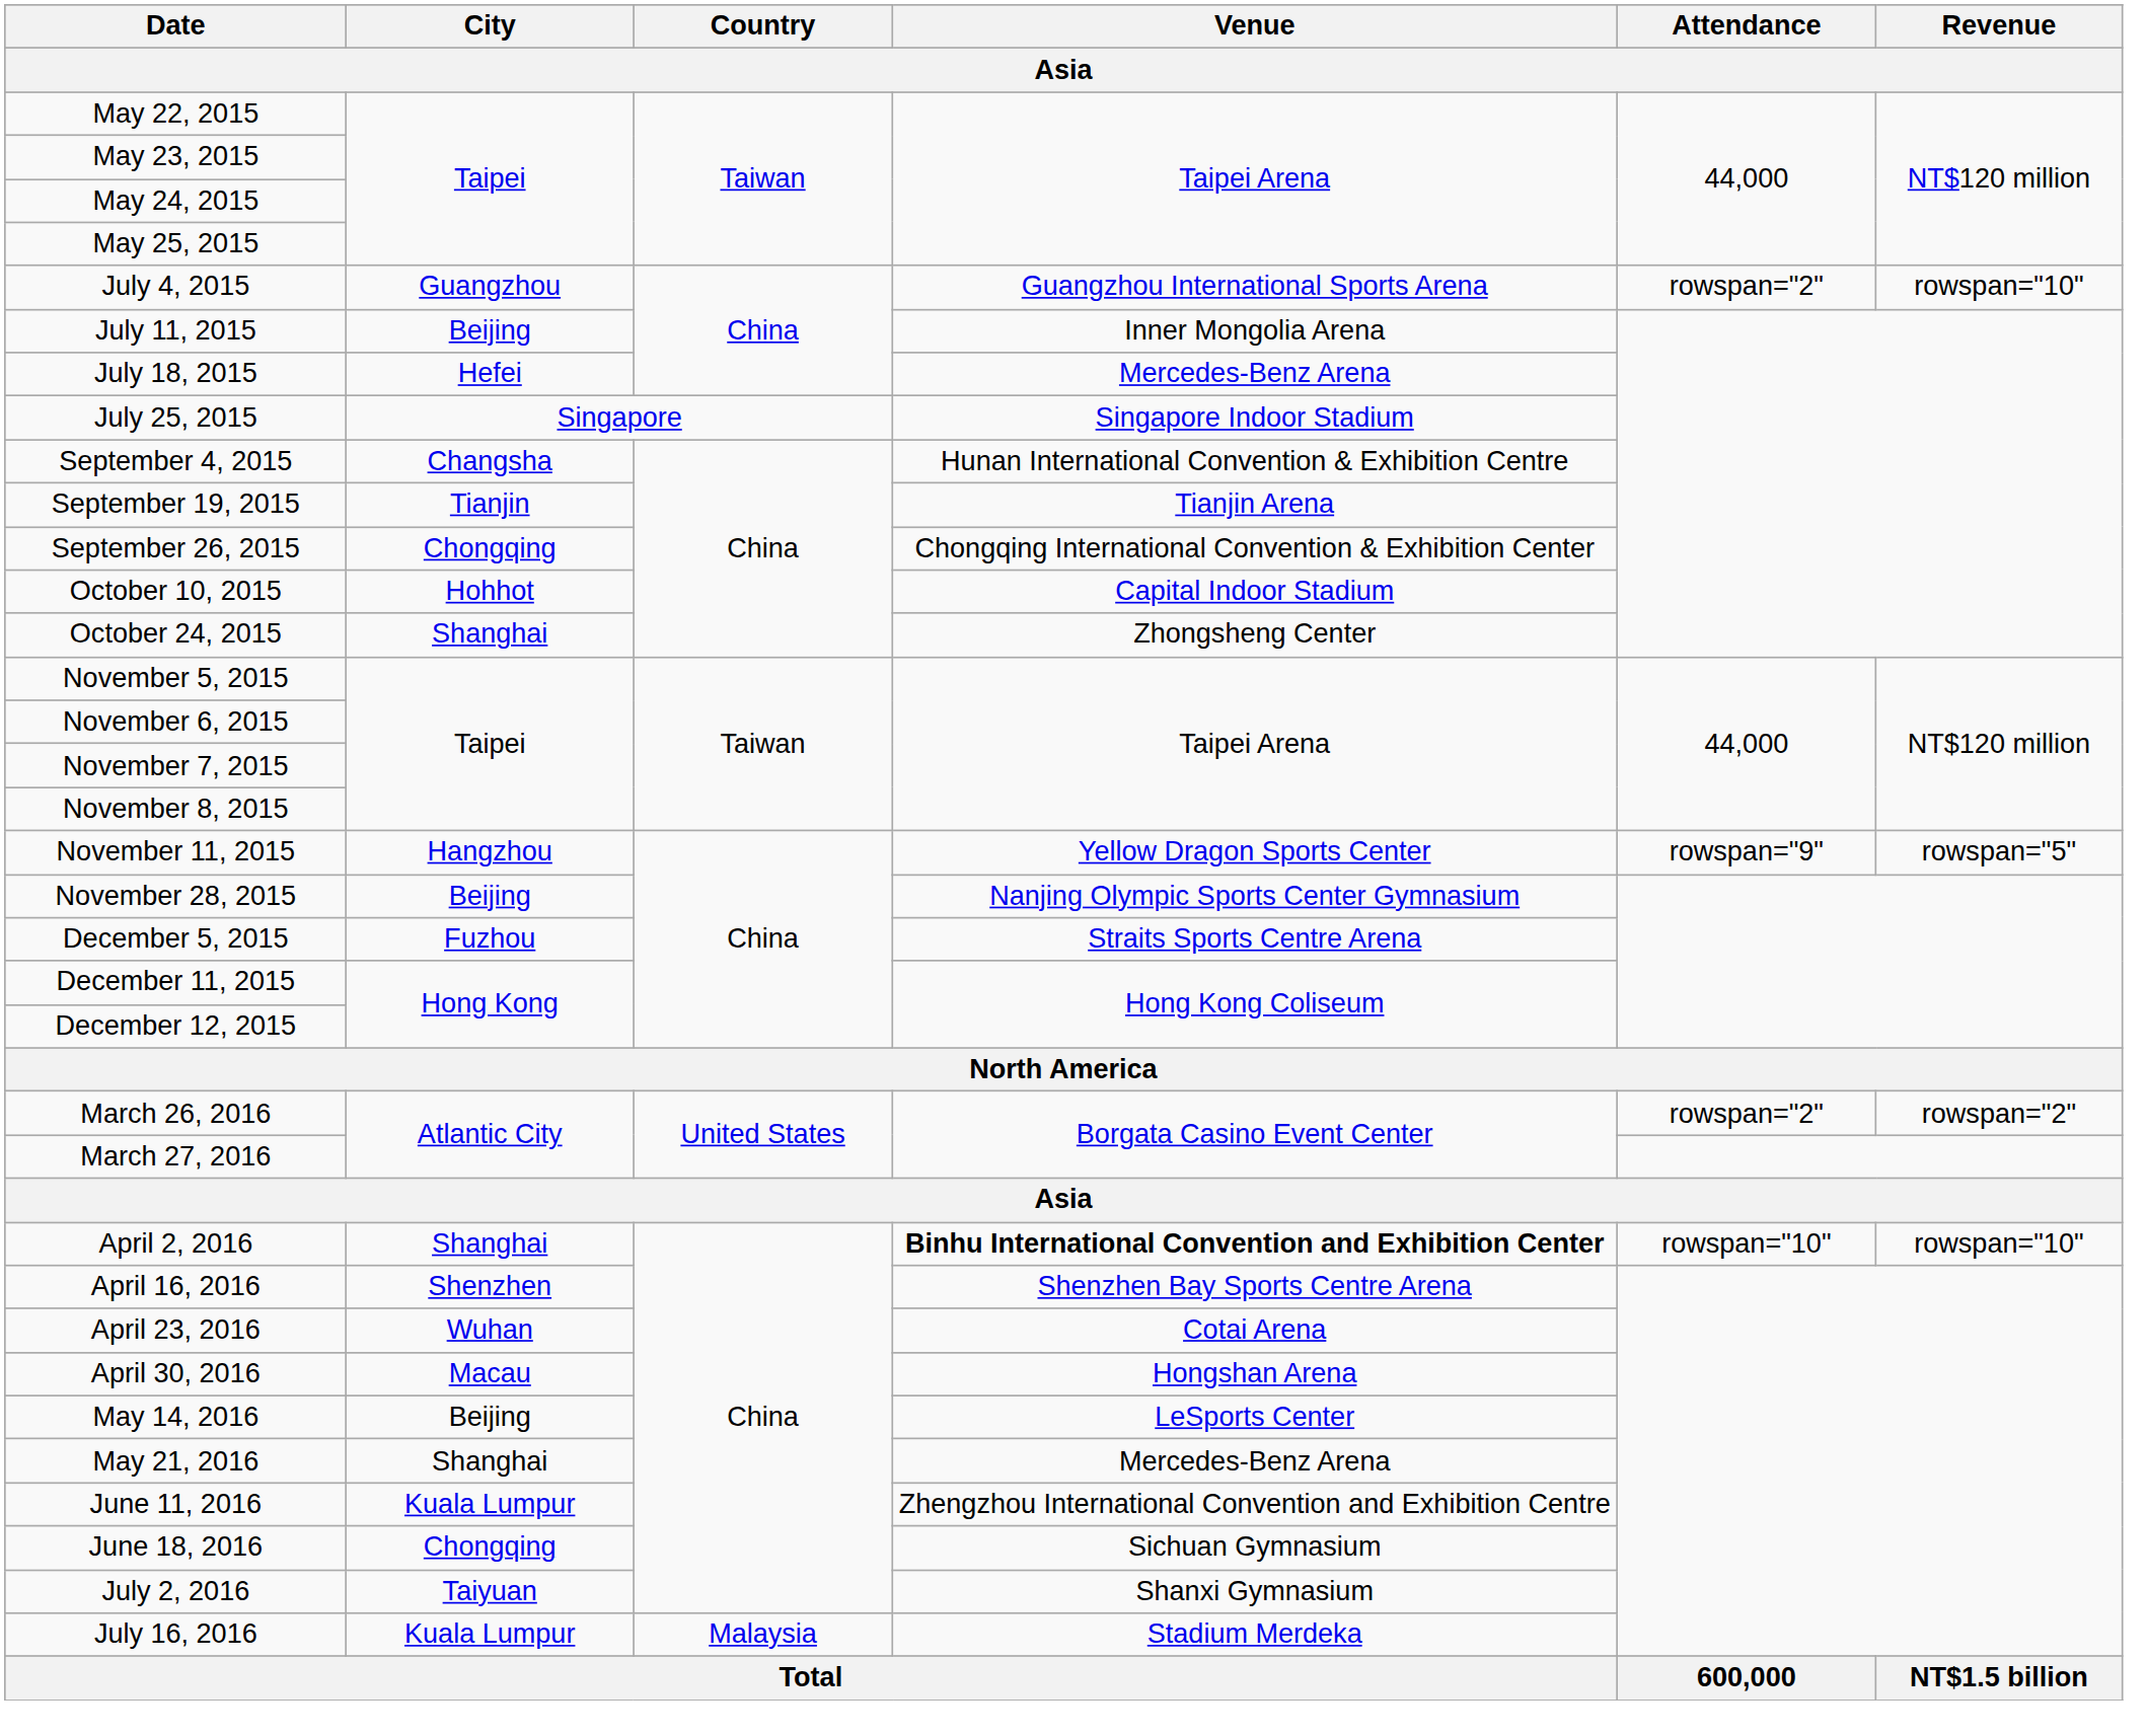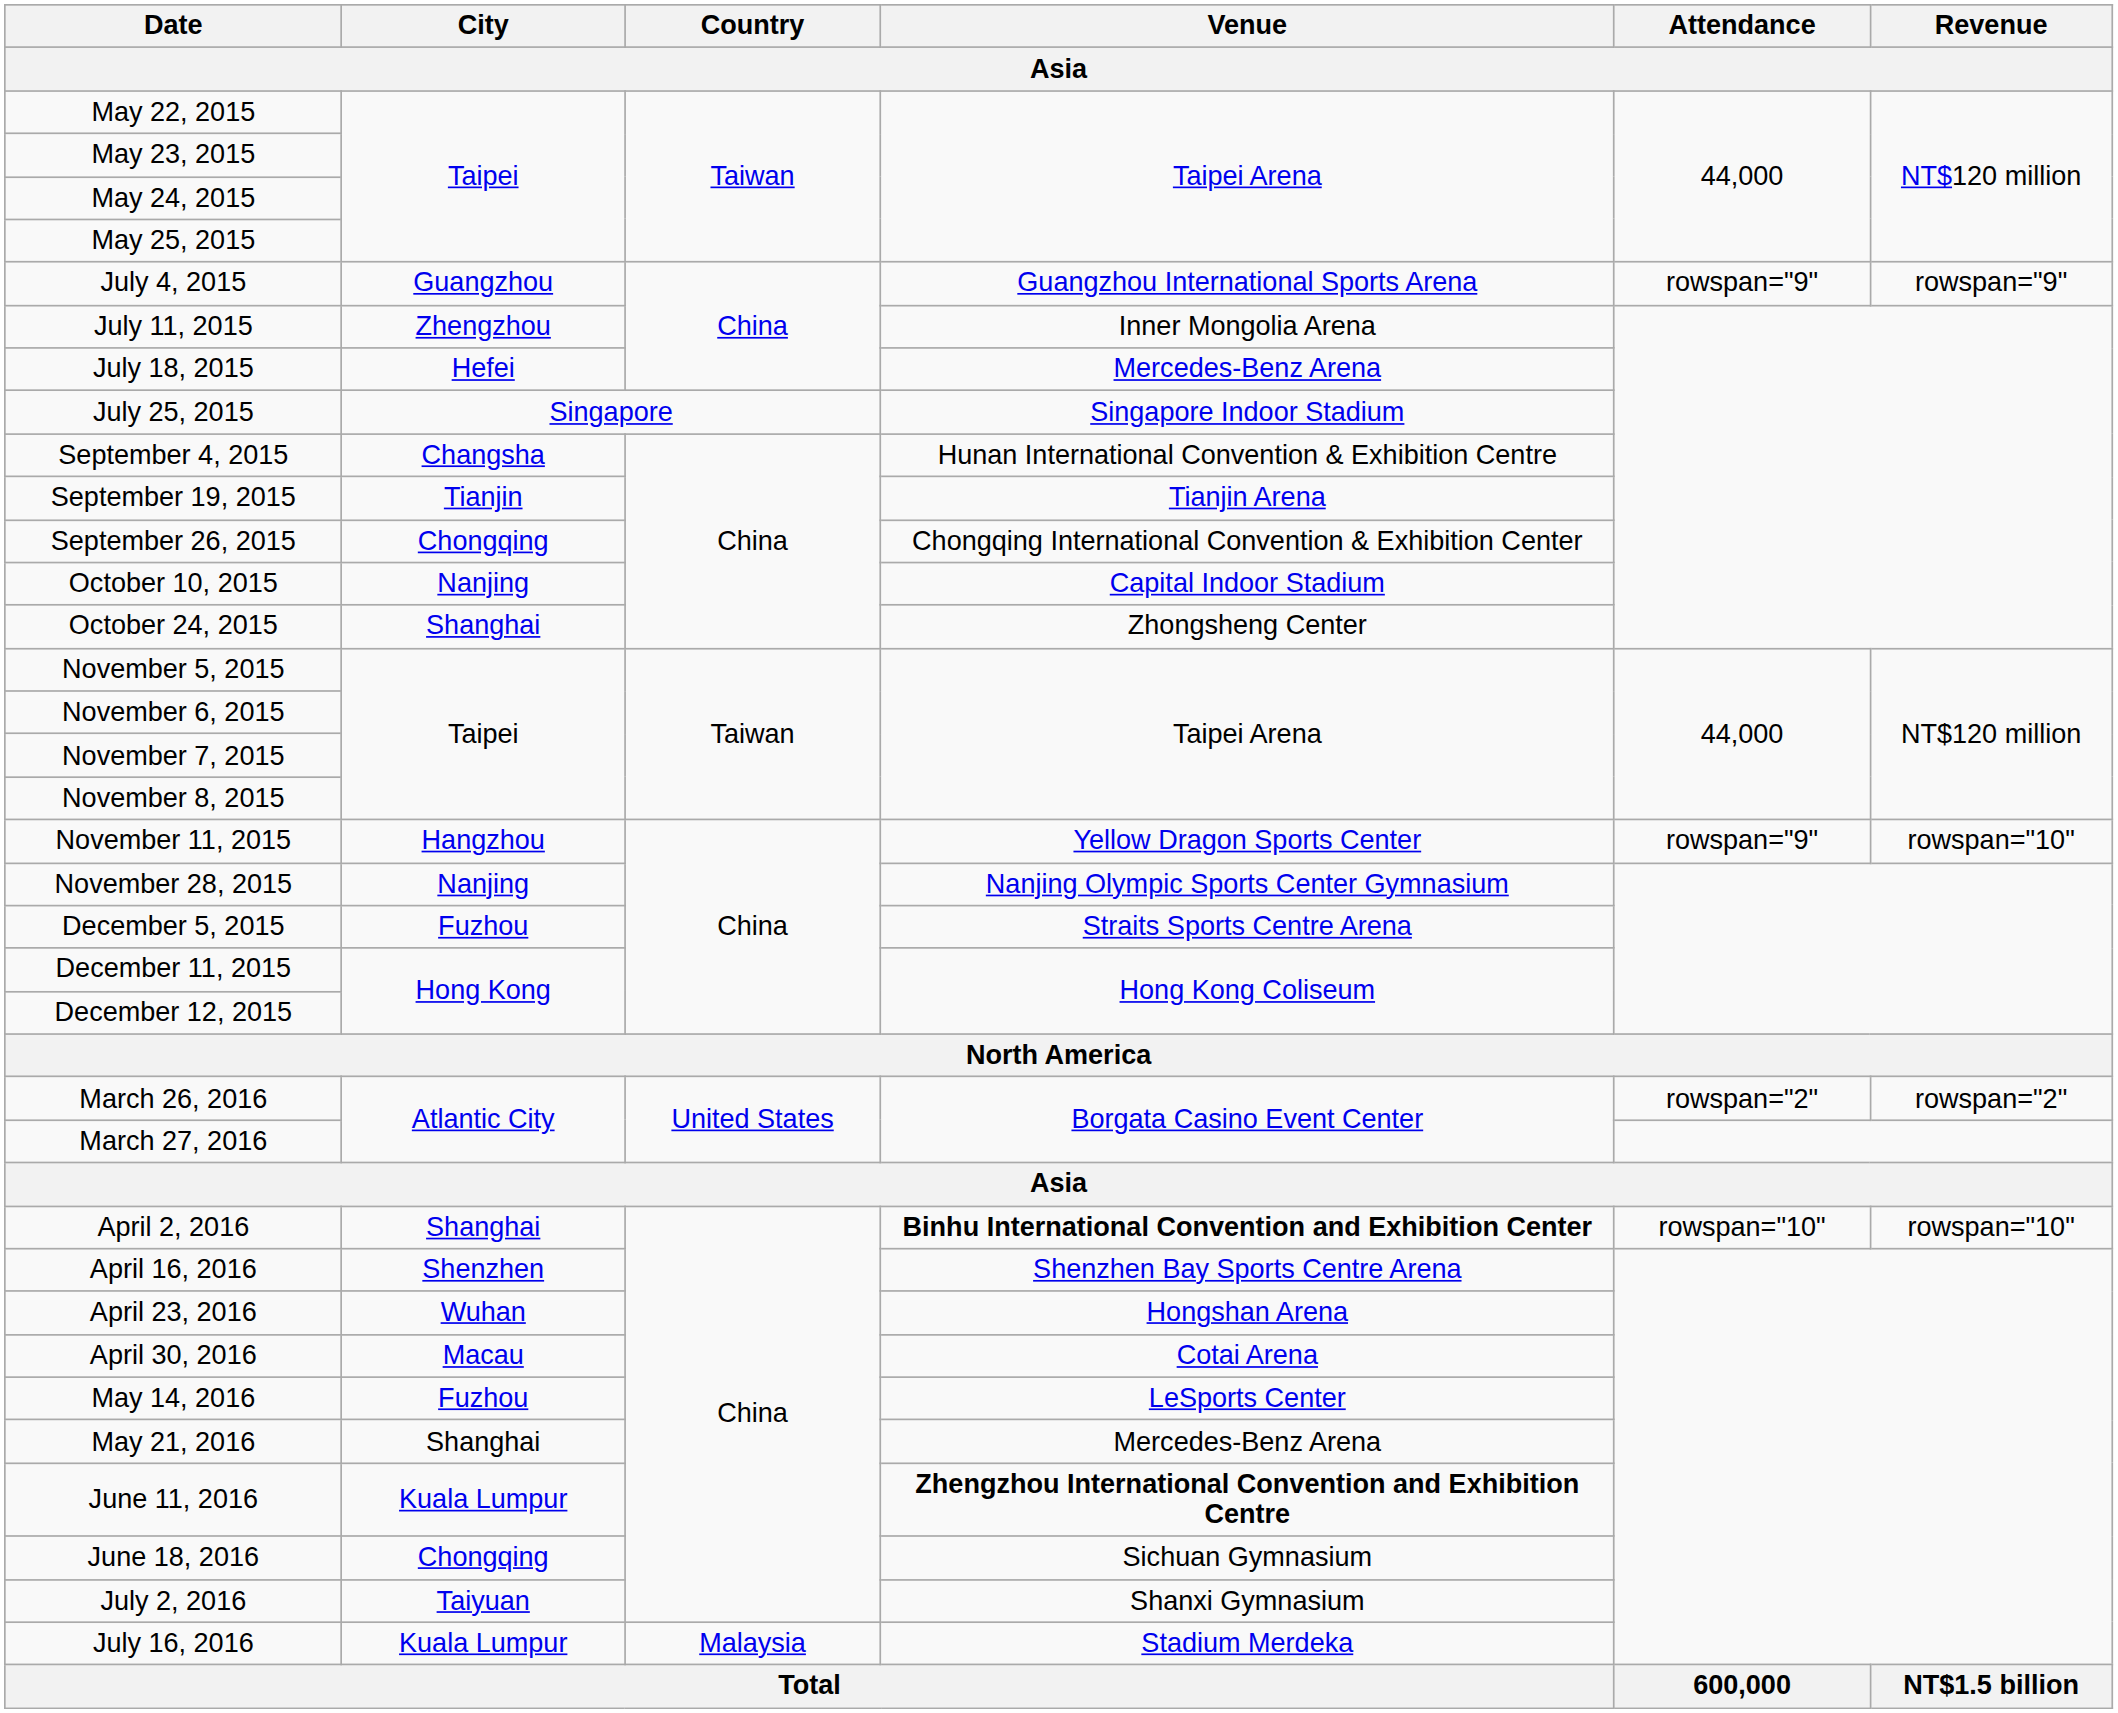 <table class="wikitable plainrowheaders" style="text-align:center;">
 <tr>
 <th scope="col" style="width:12em;">Date</th>
 <th scope="col" style="width:10em;">City</th>
 <th scope="col" style="width:9em;">Country</th>
 <th scope="col">Venue</th>
 <th scope="col" style="width:9em;">Attendance</th>
 <th scope="col" style="width:8.5em;">Revenue</th>
 </tr>
 <tr>
 <th colspan="6">Asia</th>
 </tr>
 <tr>
 <td>May 22, 2015</td>
 <td rowspan="4"><a href='#'>Taipei</a></td>
 <td rowspan="4"><a href='#'>Taiwan</a></td>
 <td rowspan="4"><a href='#'>Taipei Arena</a></td>
 <td rowspan="4">44,000</td>
 <td rowspan="4"><a href='#'>NT$</a>120 million</td>
 </tr>
 <tr>
 <td>May 23, 2015</td>
 </tr>
 <tr>
 <td>May 24, 2015</td>
 </tr>
 <tr>
 <td>May 25, 2015</td>
 </tr>
 <tr>
 <td>July 4, 2015</td>
 <td><a href='#'>Guangzhou</a></td>
 <td rowspan="3"><a href='#'>China</a></td>
 <td><a href='#'>Guangzhou International Sports Arena</a></td>
-<td>rowspan="2" </td>
-<td>rowspan="10" </td>
+<td>rowspan="9" </td>
+<td>rowspan="9" </td>
 </tr>
 <tr>
 <td>July 11, 2015</td>
-<td><a href='#'>Beijing</a></td>
+<td><a href='#'>Zhengzhou</a></td>
 <td>Inner Mongolia Arena</td>
 </tr>
 <tr>
 <td>July 18, 2015</td>
 <td><a href='#'>Hefei</a></td>
 <td><a href='#'>Mercedes-Benz Arena</a></td>
 </tr>
 <tr>
 <td>July 25, 2015</td>
 <td colspan="2"><a href='#'>Singapore</a></td>
 <td><a href='#'>Singapore Indoor Stadium</a></td>
 </tr>
 <tr>
 <td>September 4, 2015</td>
 <td><a href='#'>Changsha</a></td>
 <td rowspan="5">China</td>
 <td>Hunan International Convention & Exhibition Centre</td>
 </tr>
 <tr>
 <td>September 19, 2015</td>
 <td><a href='#'>Tianjin</a></td>
 <td><a href='#'>Tianjin Arena</a></td>
 </tr>
 <tr>
 <td>September 26, 2015</td>
 <td><a href='#'>Chongqing</a></td>
 <td>Chongqing International Convention & Exhibition Center</td>
 </tr>
 <tr>
 <td>October 10, 2015</td>
-<td><a href='#'>Hohhot</a></td>
+<td><a href='#'>Nanjing</a></td>
 <td><a href='#'>Capital Indoor Stadium</a></td>
 </tr>
 <tr>
 <td>October 24, 2015</td>
 <td><a href='#'>Shanghai</a></td>
 <td>Zhongsheng Center</td>
 </tr>
 <tr>
 <td>November 5, 2015</td>
 <td rowspan="4">Taipei</td>
 <td rowspan="4">Taiwan</td>
 <td rowspan="4">Taipei Arena</td>
 <td rowspan="4">44,000</td>
 <td rowspan="4">NT$120 million</td>
 </tr>
 <tr>
 <td>November 6, 2015</td>
 </tr>
 <tr>
 <td>November 7, 2015</td>
 </tr>
 <tr>
 <td>November 8, 2015</td>
 </tr>
 <tr>
 <td>November 11, 2015</td>
 <td><a href='#'>Hangzhou</a></td>
 <td rowspan="5">China</td>
 <td><a href='#'>Yellow Dragon Sports Center</a></td>
 <td>rowspan="9" </td>
-<td>rowspan="5" </td>
+<td>rowspan="10" </td>
 </tr>
 <tr>
 <td>November 28, 2015</td>
-<td><a href='#'>Beijing</a></td>
+<td><a href='#'>Nanjing</a></td>
 <td><a href='#'>Nanjing Olympic Sports Center Gymnasium</a></td>
 </tr>
 <tr>
 <td>December 5, 2015</td>
 <td><a href='#'>Fuzhou</a></td>
 <td><a href='#'>Straits Sports Centre Arena</a></td>
 </tr>
 <tr>
 <td>December 11, 2015</td>
 <td rowspan="2"><a href='#'>Hong Kong</a></td>
 <td rowspan="2"><a href='#'>Hong Kong Coliseum</a></td>
 </tr>
 <tr>
 <td>December 12, 2015</td>
 </tr>
 <tr>
 <th colspan="6">North America</th>
 </tr>
 <tr>
 <td>March 26, 2016</td>
 <td rowspan="2"><a href='#'>Atlantic City</a></td>
 <td rowspan="2"><a href='#'>United States</a></td>
 <td rowspan="2"><a href='#'>Borgata Casino Event Center</a></td>
 <td>rowspan="2" </td>
 <td>rowspan="2" </td>
 </tr>
 <tr>
 <td>March 27, 2016</td>
 </tr>
 <tr>
 <th colspan="6">Asia</th>
 </tr>
 <tr>
 <td>April 2, 2016</td>
 <td><a href='#'>Shanghai</a></td>
 <td rowspan="9">China</td>
 <td><strong>Binhu International Convention and Exhibition Center</strong></td>
 <td>rowspan="10" </td>
 <td>rowspan="10" </td>
 </tr>
 <tr>
 <td>April 16, 2016</td>
 <td><a href='#'>Shenzhen</a></td>
 <td><a href='#'>Shenzhen Bay Sports Centre Arena</a></td>
 </tr>
 <tr>
 <td>April 23, 2016</td>
 <td><a href='#'>Wuhan</a></td>
-<td><a href='#'>Cotai Arena</a></td>
+<td><a href='#'>Hongshan Arena</a></td>
 </tr>
 <tr>
 <td>April 30, 2016</td>
 <td><a href='#'>Macau</a></td>
-<td><a href='#'>Hongshan Arena</a></td>
+<td><a href='#'>Cotai Arena</a></td>
 </tr>
 <tr>
 <td>May 14, 2016</td>
-<td>Beijing</td>
+<td><a href='#'>Fuzhou</a></td>
 <td><a href='#'>LeSports Center</a></td>
 </tr>
 <tr>
 <td>May 21, 2016</td>
 <td>Shanghai</td>
 <td>Mercedes-Benz Arena</td>
 </tr>
 <tr>
 <td>June 11, 2016</td>
 <td><a href='#'>Kuala Lumpur</a></td>
-<td>Zhengzhou International Convention and Exhibition Centre</td>
+<td><strong>Zhengzhou International Convention and Exhibition Centre</strong></td>
 </tr>
 <tr>
 <td>June 18, 2016</td>
 <td><a href='#'>Chongqing</a></td>
 <td>Sichuan Gymnasium</td>
 </tr>
 <tr>
 <td>July 2, 2016</td>
 <td><a href='#'>Taiyuan</a></td>
 <td>Shanxi Gymnasium</td>
 </tr>
 <tr>
 <td>July 16, 2016</td>
 <td><a href='#'>Kuala Lumpur</a></td>
 <td><a href='#'>Malaysia</a></td>
 <td><a href='#'>Stadium Merdeka</a></td>
 </tr>
 <tr>
 <th colspan="4">Total</th>
 <th>600,000</th>
 <th>NT$1.5 billion</th>
 </tr>
 </table>
